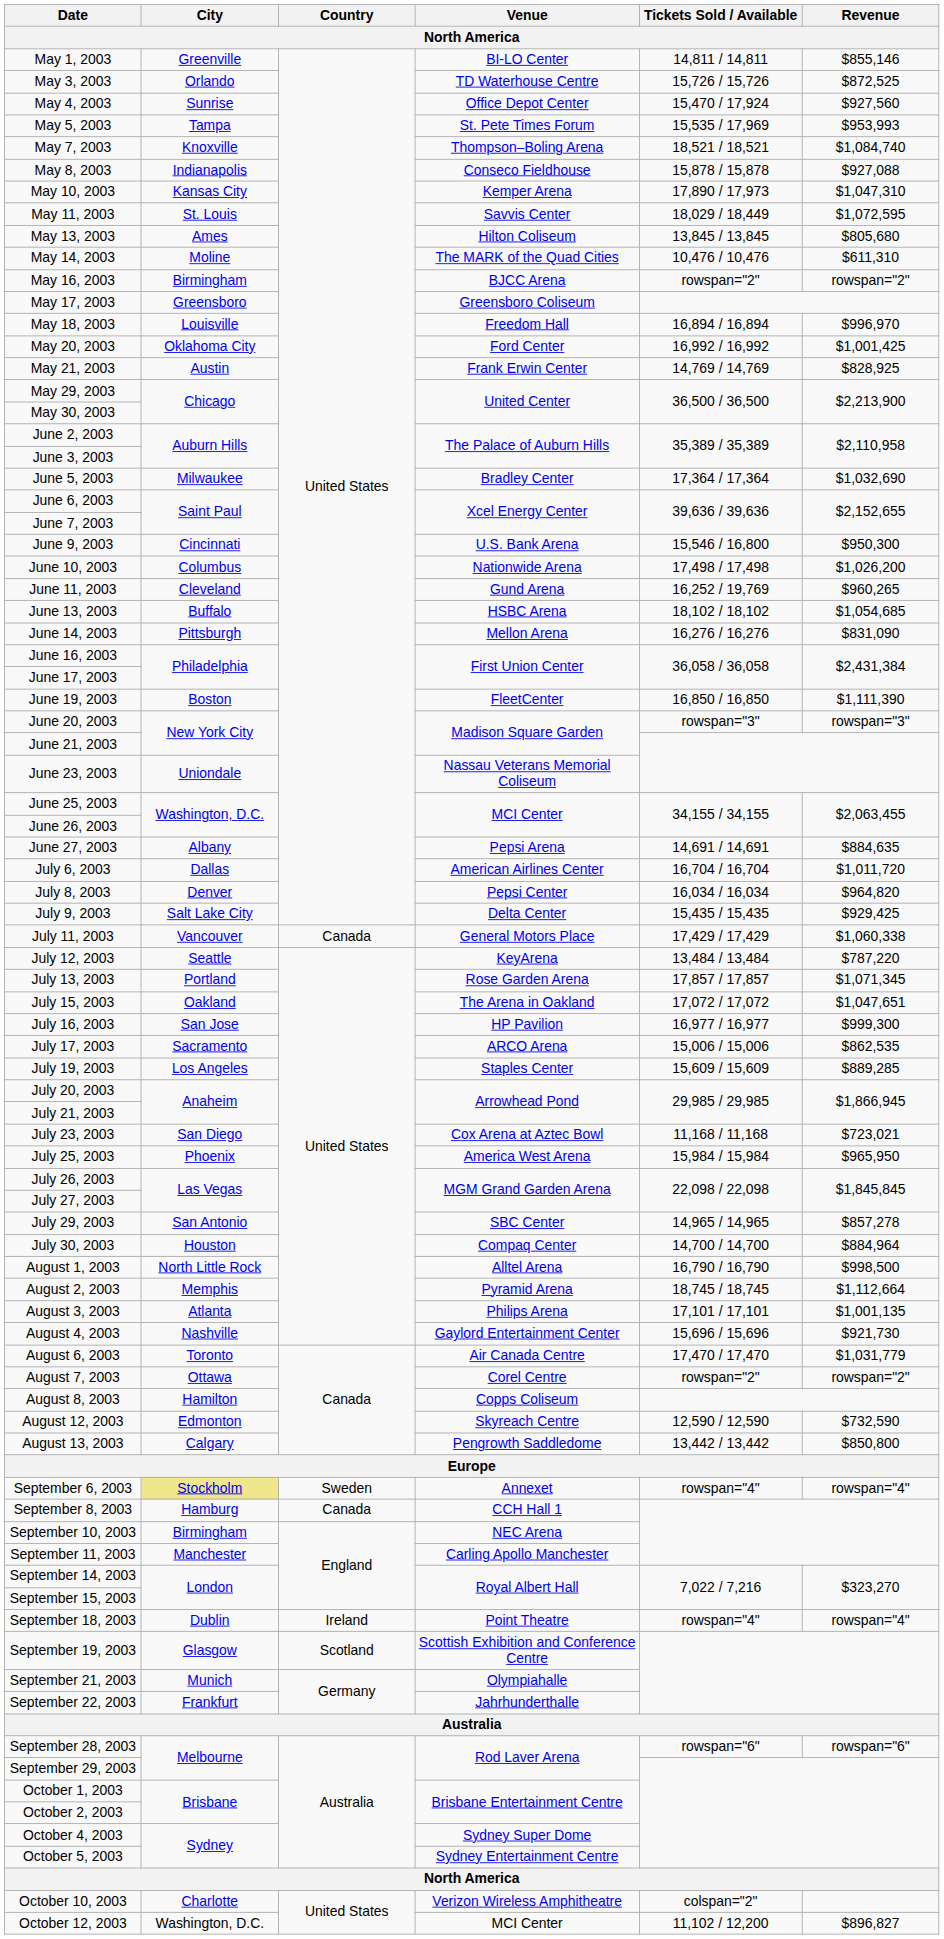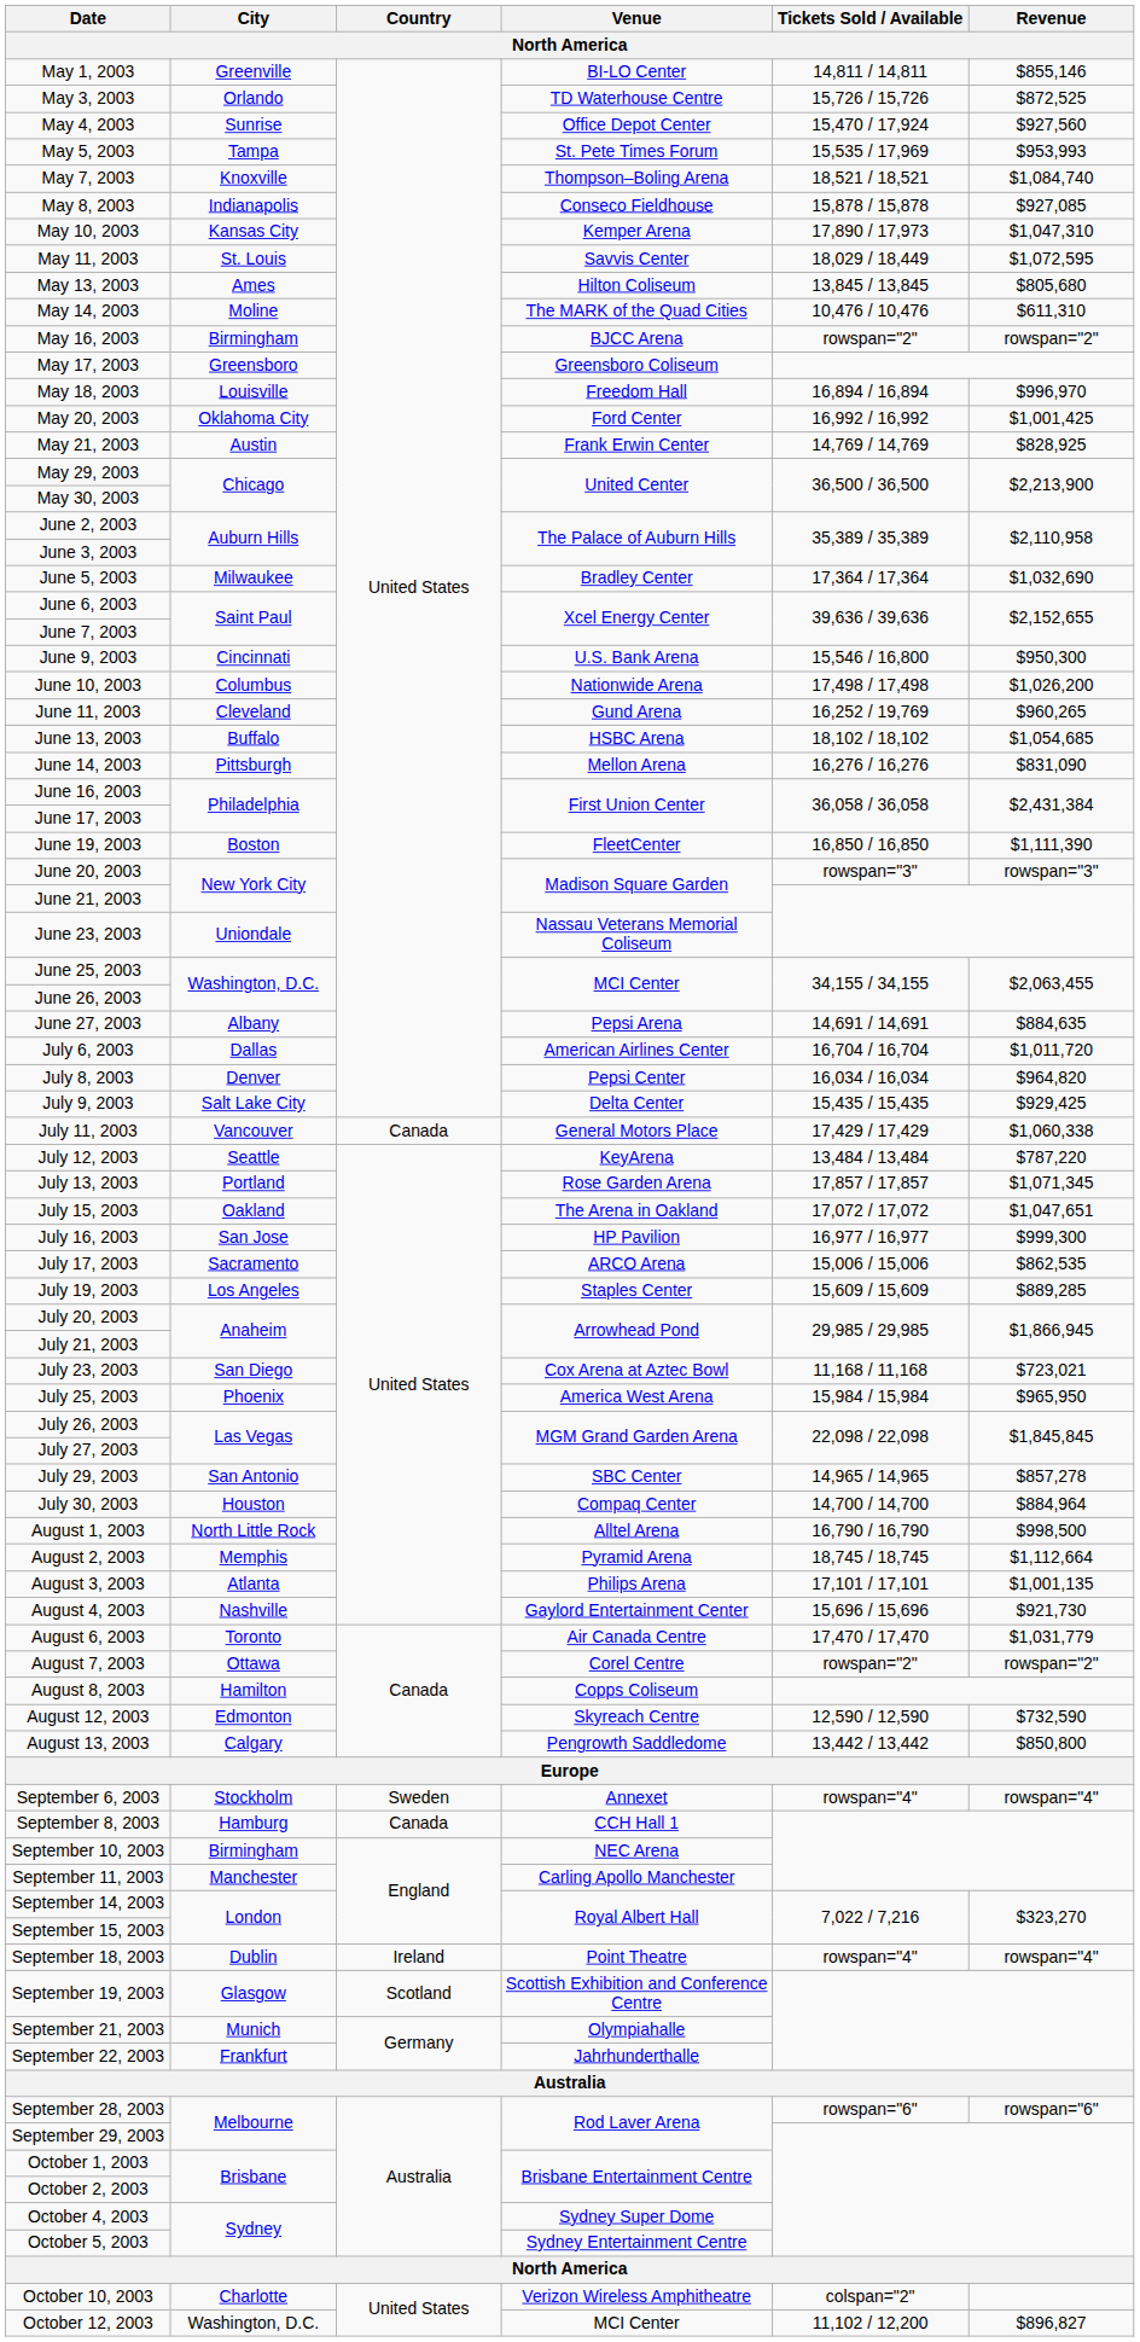 <table class="wikitable" style="text-align:center;">
 <tr>
 <th style="width:150px;">Date</th>
 <th style="width:150px;">City</th>
 <th style="width:150px;">Country</th>
 <th style="width:250px;">Venue</th>
 <th style="width:180px;">Tickets Sold / Available</th>
 <th style="width:150px;">Revenue</th>
 </tr>
 <tr>
 <th colspan="6">North America</th>
 </tr>
 <tr>
 <td>May 1, 2003</td>
 <td><a href='#'>Greenville</a></td>
 <td rowspan="39">United States</td>
 <td><a href='#'>BI-LO Center</a></td>
 <td>14,811 / 14,811</td>
 <td>$855,146</td>
 </tr>
 <tr>
 <td>May 3, 2003</td>
 <td><a href='#'>Orlando</a></td>
 <td><a href='#'>TD Waterhouse Centre</a></td>
 <td>15,726 / 15,726</td>
 <td>$872,525</td>
 </tr>
 <tr>
 <td>May 4, 2003</td>
 <td><a href='#'>Sunrise</a></td>
 <td><a href='#'>Office Depot Center</a></td>
 <td>15,470 / 17,924</td>
 <td>$927,560</td>
 </tr>
 <tr>
 <td>May 5, 2003</td>
 <td><a href='#'>Tampa</a></td>
 <td><a href='#'>St. Pete Times Forum</a></td>
 <td>15,535 / 17,969</td>
 <td>$953,993</td>
 </tr>
 <tr>
 <td>May 7, 2003</td>
 <td><a href='#'>Knoxville</a></td>
 <td><a href='#'>Thompson–Boling Arena</a></td>
 <td>18,521 / 18,521</td>
 <td>$1,084,740</td>
 </tr>
 <tr>
 <td>May 8, 2003</td>
 <td><a href='#'>Indianapolis</a></td>
 <td><a href='#'>Conseco Fieldhouse</a></td>
 <td>15,878 / 15,878</td>
-<td>$927,088</td>
+<td>$927,085</td>
 </tr>
 <tr>
 <td>May 10, 2003</td>
 <td><a href='#'>Kansas City</a></td>
 <td><a href='#'>Kemper Arena</a></td>
 <td>17,890 / 17,973</td>
 <td>$1,047,310</td>
 </tr>
 <tr>
 <td>May 11, 2003</td>
 <td><a href='#'>St. Louis</a></td>
 <td><a href='#'>Savvis Center</a></td>
 <td>18,029 / 18,449</td>
 <td>$1,072,595</td>
 </tr>
 <tr>
 <td>May 13, 2003</td>
 <td><a href='#'>Ames</a></td>
 <td><a href='#'>Hilton Coliseum</a></td>
 <td>13,845 / 13,845</td>
 <td>$805,680</td>
 </tr>
 <tr>
 <td>May 14, 2003</td>
 <td><a href='#'>Moline</a></td>
 <td><a href='#'>The MARK of the Quad Cities</a></td>
 <td>10,476 / 10,476</td>
 <td>$611,310</td>
 </tr>
 <tr>
 <td>May 16, 2003</td>
 <td><a href='#'>Birmingham</a></td>
 <td><a href='#'>BJCC Arena</a></td>
 <td>rowspan="2" </td>
 <td>rowspan="2" </td>
 </tr>
 <tr>
 <td>May 17, 2003</td>
 <td><a href='#'>Greensboro</a></td>
 <td><a href='#'>Greensboro Coliseum</a></td>
 </tr>
 <tr>
 <td>May 18, 2003</td>
 <td><a href='#'>Louisville</a></td>
 <td><a href='#'>Freedom Hall</a></td>
 <td>16,894 / 16,894</td>
 <td>$996,970</td>
 </tr>
 <tr>
 <td>May 20, 2003</td>
 <td><a href='#'>Oklahoma City</a></td>
 <td><a href='#'>Ford Center</a></td>
 <td>16,992 / 16,992</td>
 <td>$1,001,425</td>
 </tr>
 <tr>
 <td>May 21, 2003</td>
 <td><a href='#'>Austin</a></td>
 <td><a href='#'>Frank Erwin Center</a></td>
 <td>14,769 / 14,769</td>
 <td>$828,925</td>
 </tr>
 <tr>
 <td>May 29, 2003</td>
 <td rowspan="2"><a href='#'>Chicago</a></td>
 <td rowspan="2"><a href='#'>United Center</a></td>
 <td rowspan="2">36,500 / 36,500</td>
 <td rowspan="2">$2,213,900</td>
 </tr>
 <tr>
 <td>May 30, 2003</td>
 </tr>
 <tr>
 <td>June 2, 2003</td>
 <td rowspan="2"><a href='#'>Auburn Hills</a></td>
 <td rowspan="2"><a href='#'>The Palace of Auburn Hills</a></td>
 <td rowspan="2">35,389 / 35,389</td>
 <td rowspan="2">$2,110,958</td>
 </tr>
 <tr>
 <td>June 3, 2003</td>
 </tr>
 <tr>
 <td>June 5, 2003</td>
 <td><a href='#'>Milwaukee</a></td>
 <td><a href='#'>Bradley Center</a></td>
 <td>17,364 / 17,364</td>
 <td>$1,032,690</td>
 </tr>
 <tr>
 <td>June 6, 2003</td>
 <td rowspan="2"><a href='#'>Saint Paul</a></td>
 <td rowspan="2"><a href='#'>Xcel Energy Center</a></td>
 <td rowspan="2">39,636 / 39,636</td>
 <td rowspan="2">$2,152,655</td>
 </tr>
 <tr>
 <td>June 7, 2003</td>
 </tr>
 <tr>
 <td>June 9, 2003</td>
 <td><a href='#'>Cincinnati</a></td>
 <td><a href='#'>U.S. Bank Arena</a></td>
 <td>15,546 / 16,800</td>
 <td>$950,300</td>
 </tr>
 <tr>
 <td>June 10, 2003</td>
 <td><a href='#'>Columbus</a></td>
 <td><a href='#'>Nationwide Arena</a></td>
 <td>17,498 / 17,498</td>
 <td>$1,026,200</td>
 </tr>
 <tr>
 <td>June 11, 2003</td>
 <td><a href='#'>Cleveland</a></td>
 <td><a href='#'>Gund Arena</a></td>
 <td>16,252 / 19,769</td>
 <td>$960,265</td>
 </tr>
 <tr>
 <td>June 13, 2003</td>
 <td><a href='#'>Buffalo</a></td>
 <td><a href='#'>HSBC Arena</a></td>
 <td>18,102 / 18,102</td>
 <td>$1,054,685</td>
 </tr>
 <tr>
 <td>June 14, 2003</td>
 <td><a href='#'>Pittsburgh</a></td>
 <td><a href='#'>Mellon Arena</a></td>
 <td>16,276 / 16,276</td>
 <td>$831,090</td>
 </tr>
 <tr>
 <td>June 16, 2003</td>
 <td rowspan="2"><a href='#'>Philadelphia</a></td>
 <td rowspan="2"><a href='#'>First Union Center</a></td>
 <td rowspan="2">36,058 / 36,058</td>
 <td rowspan="2">$2,431,384</td>
 </tr>
 <tr>
 <td>June 17, 2003</td>
 </tr>
 <tr>
 <td>June 19, 2003</td>
 <td><a href='#'>Boston</a></td>
 <td><a href='#'>FleetCenter</a></td>
 <td>16,850 / 16,850</td>
 <td>$1,111,390</td>
 </tr>
 <tr>
 <td>June 20, 2003</td>
 <td rowspan="2"><a href='#'>New York City</a></td>
 <td rowspan="2"><a href='#'>Madison Square Garden</a></td>
 <td>rowspan="3" </td>
 <td>rowspan="3" </td>
 </tr>
 <tr>
 <td>June 21, 2003</td>
 </tr>
 <tr>
 <td>June 23, 2003</td>
 <td><a href='#'>Uniondale</a></td>
 <td><a href='#'>Nassau Veterans Memorial Coliseum</a></td>
 </tr>
 <tr>
 <td>June 25, 2003</td>
 <td rowspan="2"><a href='#'>Washington, D.C.</a></td>
 <td rowspan="2"><a href='#'>MCI Center</a></td>
 <td rowspan="2">34,155 / 34,155</td>
 <td rowspan="2">$2,063,455</td>
 </tr>
 <tr>
 <td>June 26, 2003</td>
 </tr>
 <tr>
 <td>June 27, 2003</td>
 <td><a href='#'>Albany</a></td>
 <td><a href='#'>Pepsi Arena</a></td>
 <td>14,691 / 14,691</td>
 <td>$884,635</td>
 </tr>
 <tr>
 <td>July 6, 2003</td>
 <td><a href='#'>Dallas</a></td>
 <td><a href='#'>American Airlines Center</a></td>
 <td>16,704 / 16,704</td>
 <td>$1,011,720</td>
 </tr>
 <tr>
 <td>July 8, 2003</td>
 <td><a href='#'>Denver</a></td>
 <td><a href='#'>Pepsi Center</a></td>
 <td>16,034 / 16,034</td>
 <td>$964,820</td>
 </tr>
 <tr>
 <td>July 9, 2003</td>
 <td><a href='#'>Salt Lake City</a></td>
 <td><a href='#'>Delta Center</a></td>
 <td>15,435 / 15,435</td>
 <td>$929,425</td>
 </tr>
 <tr>
 <td>July 11, 2003</td>
 <td><a href='#'>Vancouver</a></td>
 <td>Canada</td>
 <td><a href='#'>General Motors Place</a></td>
 <td>17,429 / 17,429</td>
 <td>$1,060,338</td>
 </tr>
 <tr>
 <td>July 12, 2003</td>
 <td><a href='#'>Seattle</a></td>
 <td rowspan="18">United States</td>
 <td><a href='#'>KeyArena</a></td>
 <td>13,484 / 13,484</td>
 <td>$787,220</td>
 </tr>
 <tr>
 <td>July 13, 2003</td>
 <td><a href='#'>Portland</a></td>
 <td><a href='#'>Rose Garden Arena</a></td>
 <td>17,857 / 17,857</td>
 <td>$1,071,345</td>
 </tr>
 <tr>
 <td>July 15, 2003</td>
 <td><a href='#'>Oakland</a></td>
 <td><a href='#'>The Arena in Oakland</a></td>
 <td>17,072 / 17,072</td>
 <td>$1,047,651</td>
 </tr>
 <tr>
 <td>July 16, 2003</td>
 <td><a href='#'>San Jose</a></td>
 <td><a href='#'>HP Pavilion</a></td>
 <td>16,977 / 16,977</td>
 <td>$999,300</td>
 </tr>
 <tr>
 <td>July 17, 2003</td>
 <td><a href='#'>Sacramento</a></td>
 <td><a href='#'>ARCO Arena</a></td>
 <td>15,006 / 15,006</td>
 <td>$862,535</td>
 </tr>
 <tr>
 <td>July 19, 2003</td>
 <td><a href='#'>Los Angeles</a></td>
 <td><a href='#'>Staples Center</a></td>
 <td>15,609 / 15,609</td>
 <td>$889,285</td>
 </tr>
 <tr>
 <td>July 20, 2003</td>
 <td rowspan="2"><a href='#'>Anaheim</a></td>
 <td rowspan="2"><a href='#'>Arrowhead Pond</a></td>
 <td rowspan="2">29,985 / 29,985</td>
 <td rowspan="2">$1,866,945</td>
 </tr>
 <tr>
 <td>July 21, 2003</td>
 </tr>
 <tr>
 <td>July 23, 2003</td>
 <td><a href='#'>San Diego</a></td>
 <td><a href='#'>Cox Arena at Aztec Bowl</a></td>
 <td>11,168 / 11,168</td>
 <td>$723,021</td>
 </tr>
 <tr>
 <td>July 25, 2003</td>
 <td><a href='#'>Phoenix</a></td>
 <td><a href='#'>America West Arena</a></td>
 <td>15,984 / 15,984</td>
 <td>$965,950</td>
 </tr>
 <tr>
 <td>July 26, 2003</td>
 <td rowspan="2"><a href='#'>Las Vegas</a></td>
 <td rowspan="2"><a href='#'>MGM Grand Garden Arena</a></td>
 <td rowspan="2">22,098 / 22,098</td>
 <td rowspan="2">$1,845,845</td>
 </tr>
 <tr>
 <td>July 27, 2003</td>
 </tr>
 <tr>
 <td>July 29, 2003</td>
 <td><a href='#'>San Antonio</a></td>
 <td><a href='#'>SBC Center</a></td>
 <td>14,965 / 14,965</td>
 <td>$857,278</td>
 </tr>
 <tr>
 <td>July 30, 2003</td>
 <td><a href='#'>Houston</a></td>
 <td><a href='#'>Compaq Center</a></td>
 <td>14,700 / 14,700</td>
 <td>$884,964</td>
 </tr>
 <tr>
 <td>August 1, 2003</td>
 <td><a href='#'>North Little Rock</a></td>
 <td><a href='#'>Alltel Arena</a></td>
 <td>16,790 / 16,790</td>
 <td>$998,500</td>
 </tr>
 <tr>
 <td>August 2, 2003</td>
 <td><a href='#'>Memphis</a></td>
 <td><a href='#'>Pyramid Arena</a></td>
 <td>18,745 / 18,745</td>
 <td>$1,112,664</td>
 </tr>
 <tr>
 <td>August 3, 2003</td>
 <td><a href='#'>Atlanta</a></td>
 <td><a href='#'>Philips Arena</a></td>
 <td>17,101 / 17,101</td>
 <td>$1,001,135</td>
 </tr>
 <tr>
 <td>August 4, 2003</td>
 <td><a href='#'>Nashville</a></td>
 <td><a href='#'>Gaylord Entertainment Center</a></td>
 <td>15,696 / 15,696</td>
 <td>$921,730</td>
 </tr>
 <tr>
 <td>August 6, 2003</td>
 <td><a href='#'>Toronto</a></td>
 <td rowspan="5">Canada</td>
 <td><a href='#'>Air Canada Centre</a></td>
 <td>17,470 / 17,470</td>
 <td>$1,031,779</td>
 </tr>
 <tr>
 <td>August 7, 2003</td>
 <td><a href='#'>Ottawa</a></td>
 <td><a href='#'>Corel Centre</a></td>
 <td>rowspan="2" </td>
 <td>rowspan="2" </td>
 </tr>
 <tr>
 <td>August 8, 2003</td>
 <td><a href='#'>Hamilton</a></td>
 <td><a href='#'>Copps Coliseum</a></td>
 </tr>
 <tr>
 <td>August 12, 2003</td>
 <td><a href='#'>Edmonton</a></td>
 <td><a href='#'>Skyreach Centre</a></td>
 <td>12,590 / 12,590</td>
 <td>$732,590</td>
 </tr>
 <tr>
 <td>August 13, 2003</td>
 <td><a href='#'>Calgary</a></td>
 <td><a href='#'>Pengrowth Saddledome</a></td>
 <td>13,442 / 13,442</td>
 <td>$850,800</td>
 </tr>
 <tr>
 <th colspan="6">Europe</th>
 </tr>
 <tr>
 <td>September 6, 2003</td>
-<td style="background: khaki;"><a href='#'>Stockholm</a></td>
+<td><a href='#'>Stockholm</a></td>
 <td>Sweden</td>
 <td><a href='#'>Annexet</a></td>
 <td>rowspan="4" </td>
 <td>rowspan="4" </td>
 </tr>
 <tr>
 <td>September 8, 2003</td>
 <td><a href='#'>Hamburg</a></td>
 <td>Canada</td>
 <td><a href='#'>CCH Hall 1</a></td>
 </tr>
 <tr>
 <td>September 10, 2003</td>
 <td><a href='#'>Birmingham</a></td>
 <td rowspan="4">England</td>
 <td><a href='#'>NEC Arena</a></td>
 </tr>
 <tr>
 <td>September 11, 2003</td>
 <td><a href='#'>Manchester</a></td>
 <td><a href='#'>Carling Apollo Manchester</a></td>
 </tr>
 <tr>
 <td>September 14, 2003</td>
 <td rowspan="2"><a href='#'>London</a></td>
 <td rowspan="2"><a href='#'>Royal Albert Hall</a></td>
 <td rowspan="2">7,022 / 7,216</td>
 <td rowspan="2">$323,270</td>
 </tr>
 <tr>
 <td>September 15, 2003</td>
 </tr>
 <tr>
 <td>September 18, 2003</td>
 <td><a href='#'>Dublin</a></td>
 <td>Ireland</td>
 <td><a href='#'>Point Theatre</a></td>
 <td>rowspan="4" </td>
 <td>rowspan="4" </td>
 </tr>
 <tr>
 <td>September 19, 2003</td>
 <td><a href='#'>Glasgow</a></td>
 <td>Scotland</td>
 <td><a href='#'>Scottish Exhibition and Conference Centre</a></td>
 </tr>
 <tr>
 <td>September 21, 2003</td>
 <td><a href='#'>Munich</a></td>
 <td rowspan="2">Germany</td>
 <td><a href='#'>Olympiahalle</a></td>
 </tr>
 <tr>
 <td>September 22, 2003</td>
 <td><a href='#'>Frankfurt</a></td>
 <td><a href='#'>Jahrhunderthalle</a></td>
 </tr>
 <tr>
 <th colspan="6">Australia</th>
 </tr>
 <tr>
 <td>September 28, 2003</td>
 <td rowspan="2"><a href='#'>Melbourne</a></td>
 <td rowspan="6">Australia</td>
 <td rowspan="2"><a href='#'>Rod Laver Arena</a></td>
 <td>rowspan="6" </td>
 <td>rowspan="6" </td>
 </tr>
 <tr>
 <td>September 29, 2003</td>
 </tr>
 <tr>
 <td>October 1, 2003</td>
 <td rowspan="2"><a href='#'>Brisbane</a></td>
 <td rowspan="2"><a href='#'>Brisbane Entertainment Centre</a></td>
 </tr>
 <tr>
 <td>October 2, 2003</td>
 </tr>
 <tr>
 <td>October 4, 2003</td>
 <td rowspan="2"><a href='#'>Sydney</a></td>
 <td><a href='#'>Sydney Super Dome</a></td>
 </tr>
 <tr>
 <td>October 5, 2003</td>
 <td><a href='#'>Sydney Entertainment Centre</a></td>
 </tr>
 <tr>
 <th colspan="6">North America</th>
 </tr>
 <tr>
 <td>October 10, 2003</td>
 <td><a href='#'>Charlotte</a></td>
 <td rowspan="2">United States</td>
 <td><a href='#'>Verizon Wireless Amphitheatre</a></td>
 <td>colspan="2" </td>
 </tr>
 <tr>
 <td>October 12, 2003</td>
 <td>Washington, D.C.</td>
 <td>MCI Center</td>
 <td>11,102 / 12,200</td>
 <td>$896,827</td>
 </tr>
 </table>
